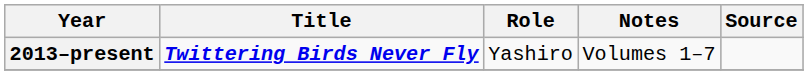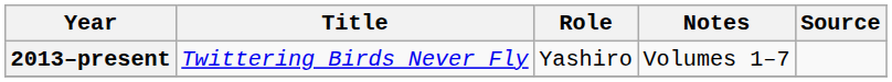 <table class="wikitable sortable plainrowheaders">
 <tr>
 <th scope="col">Year</th>
 <th scope="col">Title</th>
 <th scope="col">Role</th>
 <th scope="col" class="unsortable">Notes</th>
 <th scope="col" class="unsortable">Source</th>
 </tr>
 <tr>
 <th scope="row" rowspan="1">2013–present</th>
-<td><strong><em><a href='#'>Twittering Birds Never Fly</a></em></strong></td>
+<td><em><a href='#'>Twittering Birds Never Fly</a></em></td>
 <td>Yashiro</td>
 <td>Volumes 1–7</td>
 <td></td>
 </tr>
 <tr>
 </tr>
 </table>
